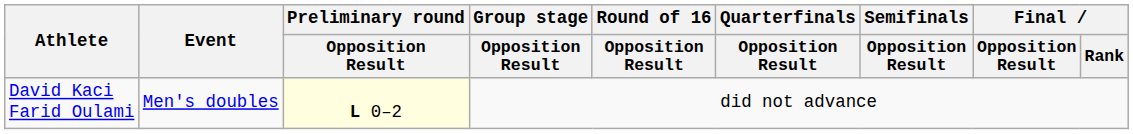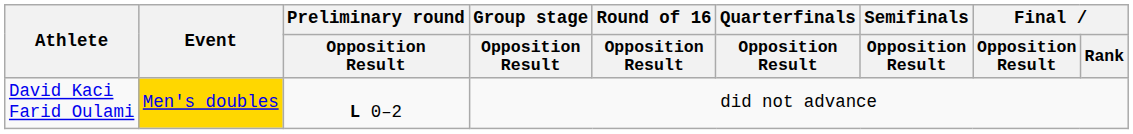 <table class="wikitable" style="font-size:90%">
 <tr>
 <th rowspan="2">Athlete</th>
 <th rowspan="2">Event</th>
 <th>Preliminary round</th>
 <th>Group stage</th>
 <th>Round of 16</th>
 <th>Quarterfinals</th>
 <th>Semifinals</th>
 <th colspan=2>Final / </th>
 </tr>
 <tr style="font-size:95%">
 <th>Opposition<br>Result</th>
 <th>Opposition<br>Result</th>
 <th>Opposition<br>Result</th>
 <th>Opposition<br>Result</th>
 <th>Opposition<br>Result</th>
 <th>Opposition<br>Result</th>
 <th>Rank</th>
 </tr>
 <tr align=center>
 <td align=left><a href='#'>David Kaci</a><br><a href='#'>Farid Oulami</a></td>
-<td align=left><a href='#'>Men's doubles</a></td>
-<td style="background: lightyellow;"><br><strong>L</strong> 0–2</td>
+<td align=left style="background: gold;"><a href='#'>Men's doubles</a></td>
+<td><br><strong>L</strong> 0–2</td>
 <td colspan=6>did not advance</td>
 </tr>
 </table>
